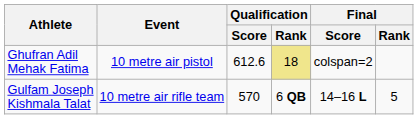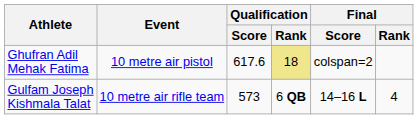 <table class="wikitable" style="text-align:center; font-size:90%">
 <tr>
 <th rowspan="2">Athlete</th>
 <th rowspan="2">Event</th>
 <th colspan="2">Qualification</th>
 <th colspan="2">Final</th>
 </tr>
 <tr>
 <th>Score</th>
 <th>Rank</th>
 <th>Score</th>
 <th>Rank</th>
 </tr>
 <tr>
 <td align=left><a href='#'>Ghufran Adil</a><br><a href='#'>Mehak Fatima</a></td>
 <td><a href='#'>10 metre air pistol</a></td>
-<td>612.6</td>
+<td>617.6</td>
 <td style="background: khaki;">18</td>
 <td>colspan=2</td>
 </tr>
 <tr>
 <td align=left><a href='#'>Gulfam Joseph</a><br><a href='#'>Kishmala Talat</a></td>
 <td><a href='#'>10 metre air rifle team</a></td>
-<td>570</td>
+<td>573</td>
 <td>6 <strong>QB</strong></td>
 <td>14–16 <strong>L</strong></td>
-<td>5</td>
+<td>4</td>
 </tr>
 </table>
